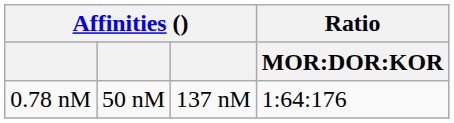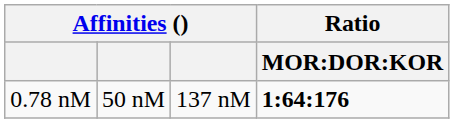 <table class="wikitable ">
 <tr>
 <th colspan="3"><a href='#'>Affinities</a> ()</th>
 <th>Ratio</th>
 </tr>
 <tr>
 <th></th>
 <th></th>
 <th></th>
 <th>MOR:DOR:KOR</th>
 </tr>
 <tr>
 <td>0.78 nM</td>
 <td>50 nM</td>
 <td>137 nM</td>
-<td>1:64:176</td>
+<td><strong>1:64:176</strong></td>
 </tr>
 </table>
